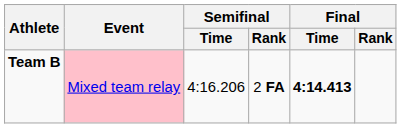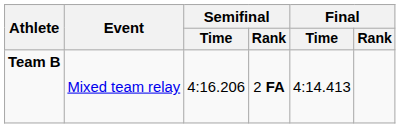 <table class="wikitable" style="font-size:90%">
 <tr>
 <th rowspan=2>Athlete</th>
 <th rowspan=2>Event</th>
 <th colspan=2>Semifinal</th>
 <th colspan=2>Final</th>
 </tr>
 <tr style="font-size:95%">
 <th>Time</th>
 <th>Rank</th>
 <th>Time</th>
 <th>Rank</th>
 </tr>
 <tr align=center>
 <td align=left><strong>Team B</strong><br><br><br><br></td>
-<td align=left style="background: pink;"><a href='#'>Mixed team relay</a></td>
+<td align=left><a href='#'>Mixed team relay</a></td>
 <td>4:16.206</td>
 <td>2 <strong>FA</strong></td>
-<td><strong>4:14.413</strong></td>
+<td>4:14.413</td>
 <td></td>
 </tr>
 </table>
